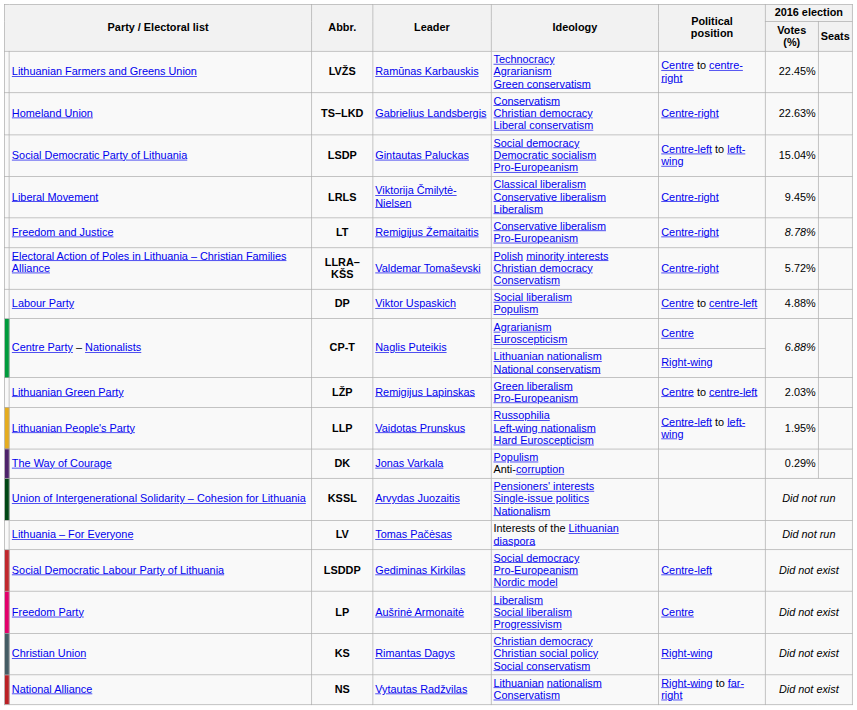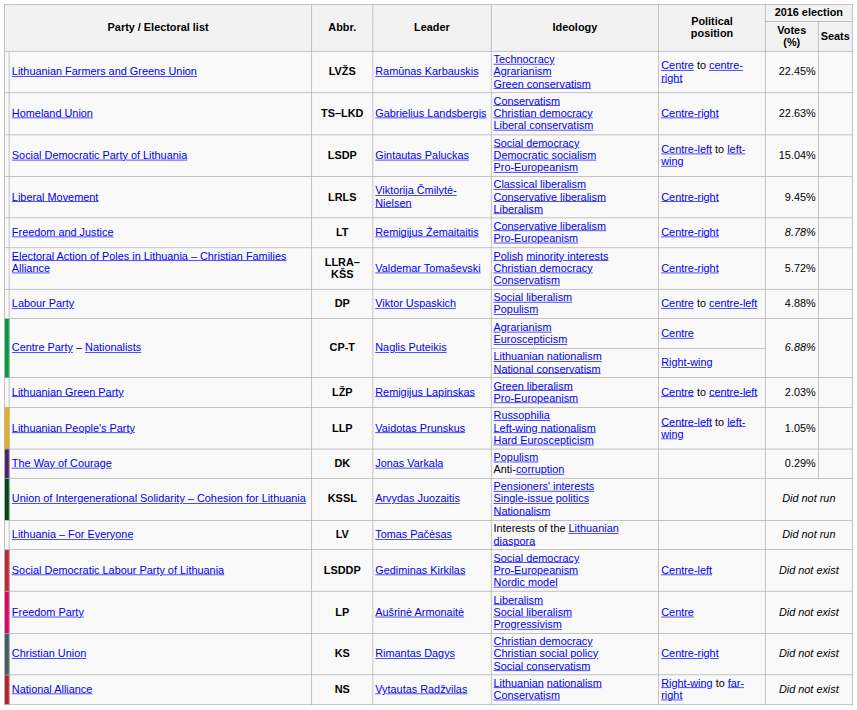 <table class=wikitable>
 <tr>
 <th rowspan=2 colspan=2>Party / Electoral list</th>
 <th rowspan=2>Abbr.</th>
 <th rowspan=2>Leader</th>
 <th rowspan=2>Ideology</th>
 <th rowspan=2>Political<br>position</th>
 <th colspan=2>2016 election</th>
 </tr>
 <tr>
 <th>Votes (%)</th>
 <th>Seats</th>
 </tr>
 <tr>
 <td bgcolor=></td>
 <td><a href='#'>Lithuanian Farmers and Greens Union</a><br></td>
 <td align=center><strong>LVŽS</strong></td>
 <td><a href='#'>Ramūnas Karbauskis</a></td>
 <td><a href='#'>Technocracy</a><br><a href='#'>Agrarianism</a><br><a href='#'>Green conservatism</a></td>
 <td><a href='#'>Centre</a> to <a href='#'>centre-right</a></td>
 <td align=right>22.45%</td>
 <td></td>
 </tr>
 <tr>
 <td bgcolor=></td>
 <td><a href='#'>Homeland Union</a><br></td>
 <td align=center><strong>TS–LKD</strong></td>
 <td><a href='#'>Gabrielius Landsbergis</a></td>
 <td><a href='#'>Conservatism</a><br><a href='#'>Christian democracy</a><br><a href='#'>Liberal conservatism</a></td>
 <td><a href='#'>Centre-right</a></td>
 <td align=right>22.63%</td>
 <td></td>
 </tr>
 <tr>
 <td></td>
 <td><a href='#'>Social Democratic Party of Lithuania</a><br></td>
 <td align="center"><strong>LSDP</strong></td>
 <td><a href='#'>Gintautas Paluckas</a></td>
 <td><a href='#'>Social democracy</a><br><a href='#'>Democratic socialism</a><br><a href='#'>Pro-Europeanism</a></td>
 <td><a href='#'>Centre-left</a> to <a href='#'>left-wing</a></td>
 <td align="right">15.04%</td>
 <td></td>
 </tr>
 <tr>
 <td></td>
 <td><a href='#'>Liberal Movement</a><br></td>
 <td align="center"><strong>LRLS</strong></td>
 <td><a href='#'>Viktorija Čmilytė-Nielsen</a></td>
 <td><a href='#'>Classical liberalism</a><br><a href='#'>Conservative liberalism</a><br><a href='#'>Liberalism</a></td>
 <td><a href='#'>Centre-right</a></td>
 <td align="right">9.45%</td>
 <td></td>
 </tr>
 <tr>
 <td></td>
 <td><a href='#'>Freedom and Justice</a><br></td>
 <td align="center"><strong>LT</strong></td>
 <td><a href='#'>Remigijus Žemaitaitis</a></td>
 <td><a href='#'>Conservative liberalism</a><br><a href='#'>Pro-Europeanism</a></td>
 <td><a href='#'>Centre-right</a></td>
 <td align="right"><em>8.78%</em></td>
 <td></td>
 </tr>
 <tr>
 <td></td>
 <td><a href='#'>Electoral Action of Poles in Lithuania – Christian Families Alliance</a><br><br></td>
 <td align="center"><strong>LLRA–KŠS</strong></td>
 <td><a href='#'>Valdemar Tomaševski</a></td>
 <td><a href='#'>Polish</a> <a href='#'>minority interests</a><br><a href='#'>Christian democracy</a><br><a href='#'>Conservatism</a></td>
 <td><a href='#'>Centre-right</a></td>
 <td align="right">5.72%</td>
 <td></td>
 </tr>
 <tr>
 <td></td>
 <td><a href='#'>Labour Party</a><br></td>
 <td align="center"><strong>DP</strong></td>
 <td><a href='#'>Viktor Uspaskich</a></td>
 <td><a href='#'>Social liberalism</a><br><a href='#'>Populism</a></td>
 <td><a href='#'>Centre</a> to <a href='#'>centre-left</a></td>
 <td align="right">4.88%</td>
 <td></td>
 </tr>
 <tr>
 <td rowspan="2" bgcolor="#009C3D"></td>
 <td rowspan="2"><a href='#'>Centre Party</a> – <a href='#'>Nationalists</a><br></td>
 <td rowspan="2" align="center"><strong>CP-T</strong></td>
 <td rowspan="2"><a href='#'>Naglis Puteikis</a></td>
 <td><a href='#'>Agrarianism</a><br><a href='#'>Euroscepticism</a></td>
 <td><a href='#'>Centre</a></td>
 <td rowspan="2" align="right"><em>6.88%</em></td>
 <td rowspan="2"></td>
 </tr>
 <tr>
 <td><a href='#'>Lithuanian nationalism</a><br><a href='#'>National conservatism</a></td>
 <td><a href='#'>Right-wing</a></td>
 </tr>
 <tr>
 <td></td>
 <td><a href='#'>Lithuanian Green Party</a><br></td>
 <td align="center"><strong>LŽP</strong></td>
 <td><a href='#'>Remigijus Lapinskas</a></td>
 <td><a href='#'>Green liberalism</a><br><a href='#'>Pro-Europeanism</a></td>
 <td><a href='#'>Centre</a> to <a href='#'>centre-left</a></td>
 <td align="right">2.03%</td>
 <td></td>
 </tr>
 <tr>
 <td bgcolor="#E6AD1E"></td>
 <td><a href='#'>Lithuanian People's Party</a><br></td>
 <td align="center"><strong>LLP</strong></td>
 <td><a href='#'>Vaidotas Prunskus</a></td>
 <td><a href='#'>Russophilia</a><br><a href='#'>Left-wing nationalism</a><br><a href='#'>Hard Euroscepticism</a></td>
 <td><a href='#'>Centre-left</a> to <a href='#'>left-wing</a></td>
-<td align="right">1.95%</td>
+<td align="right">1.05%</td>
 <td></td>
 </tr>
 <tr>
 <td bgcolor="#4D226A"></td>
 <td><a href='#'>The Way of Courage</a><br></td>
 <td align="center"><strong>DK</strong></td>
 <td><a href='#'>Jonas Varkala</a></td>
 <td><a href='#'>Populism</a><br>Anti-<a href='#'>corruption</a></td>
 <td></td>
 <td align="right">0.29%</td>
 <td></td>
 </tr>
 <tr>
 <td bgcolor="#004714"></td>
 <td><a href='#'>Union of Intergenerational Solidarity – Cohesion for Lithuania</a><br></td>
 <td align="center"><strong>KSSL</strong></td>
 <td><a href='#'>Arvydas Juozaitis</a></td>
 <td><a href='#'>Pensioners' interests</a><br><a href='#'>Single-issue politics</a><br><a href='#'>Nationalism</a></td>
 <td></td>
 <td colspan="2" align="center"><em>Did not run</em></td>
 </tr>
 <tr>
 <td bgcolor=></td>
 <td><a href='#'>Lithuania – For Everyone</a><br></td>
 <td align="center"><strong>LV</strong></td>
 <td><a href='#'>Tomas Pačėsas</a></td>
 <td>Interests of the <a href='#'>Lithuanian diaspora</a></td>
 <td></td>
 <td colspan="2" align="center"><em>Did not run</em></td>
 </tr>
 <tr>
 <td bgcolor=#c1272d></td>
 <td><a href='#'>Social Democratic Labour Party of Lithuania</a><br></td>
 <td align=center><strong>LSDDP</strong></td>
 <td><a href='#'>Gediminas Kirkilas</a></td>
 <td><a href='#'>Social democracy</a><br><a href='#'>Pro-Europeanism</a><br><a href='#'>Nordic model</a></td>
 <td><a href='#'>Centre-left</a></td>
 <td align=center colspan=2><em>Did not exist</em><br></td>
 </tr>
 <tr>
 <td bgcolor=#E3006B></td>
 <td><a href='#'>Freedom Party</a><br></td>
 <td align=center><strong>LP</strong></td>
 <td><a href='#'>Aušrinė Armonaitė</a></td>
 <td><a href='#'>Liberalism</a><br><a href='#'>Social liberalism</a><br><a href='#'>Progressivism</a></td>
 <td><a href='#'>Centre</a></td>
 <td align=center colspan="2"><em>Did not exist</em><br></td>
 </tr>
 <tr>
 <td bgcolor="#445C64"></td>
 <td><a href='#'>Christian Union</a><br></td>
 <td align="center"><strong>KS</strong></td>
 <td><a href='#'>Rimantas Dagys</a></td>
 <td><a href='#'>Christian democracy</a><br><a href='#'>Christian social policy</a><br><a href='#'>Social conservatism</a></td>
-<td><a href='#'>Right-wing</a></td>
+<td><a href='#'>Centre-right</a></td>
 <td colspan="2" align="center"><em>Did not exist</em><br></td>
 </tr>
 <tr>
 <td bgcolor="#BB2025"></td>
 <td><a href='#'>National Alliance</a><br></td>
 <td align="center"><strong>NS</strong></td>
 <td><a href='#'>Vytautas Radžvilas</a></td>
 <td><a href='#'>Lithuanian</a> <a href='#'>nationalism</a><br><a href='#'>Conservatism</a></td>
 <td><a href='#'>Right-wing</a> to <a href='#'>far-right</a></td>
 <td colspan="2" align="center"><em>Did not exist</em></td>
 </tr>
 </table>
